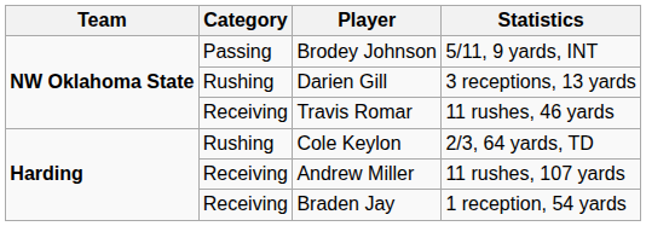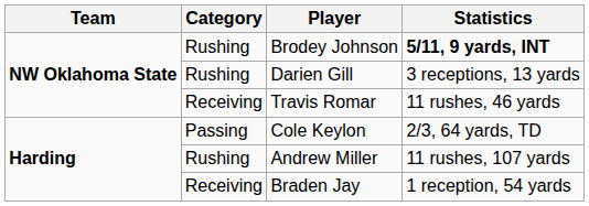 <table class="wikitable" style="float: right;">
 <tr>
 <th>Team</th>
 <th>Category</th>
 <th>Player</th>
 <th>Statistics</th>
 </tr>
 <tr>
 <td rowspan=3><strong>NW Oklahoma State</strong></td>
-<td>Passing</td>
+<td>Rushing</td>
 <td>Brodey Johnson</td>
-<td>5/11, 9 yards, INT</td>
+<td><strong>5/11, 9 yards, INT</strong></td>
 </tr>
 <tr>
 <td>Rushing</td>
 <td>Darien Gill</td>
 <td>3 receptions, 13 yards</td>
 </tr>
 <tr>
 <td>Receiving</td>
 <td>Travis Romar</td>
 <td>11 rushes, 46 yards</td>
 </tr>
 <tr>
 <td rowspan=3><strong>Harding</strong></td>
-<td>Rushing</td>
+<td>Passing</td>
 <td>Cole Keylon</td>
 <td>2/3, 64 yards, TD</td>
 </tr>
 <tr>
-<td>Receiving</td>
+<td>Rushing</td>
 <td>Andrew Miller</td>
 <td>11 rushes, 107 yards</td>
 </tr>
 <tr>
 <td>Receiving</td>
 <td>Braden Jay</td>
 <td>1 reception, 54 yards</td>
 </tr>
 </table>
